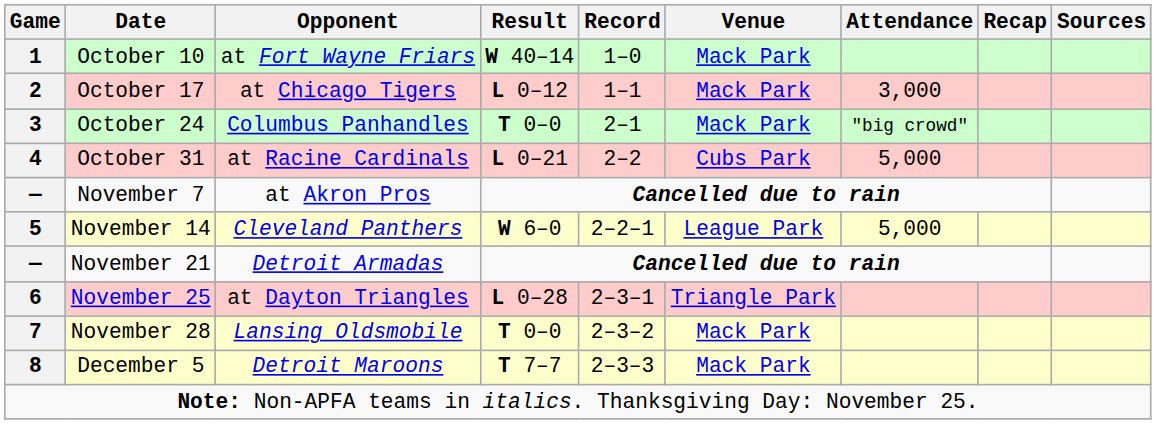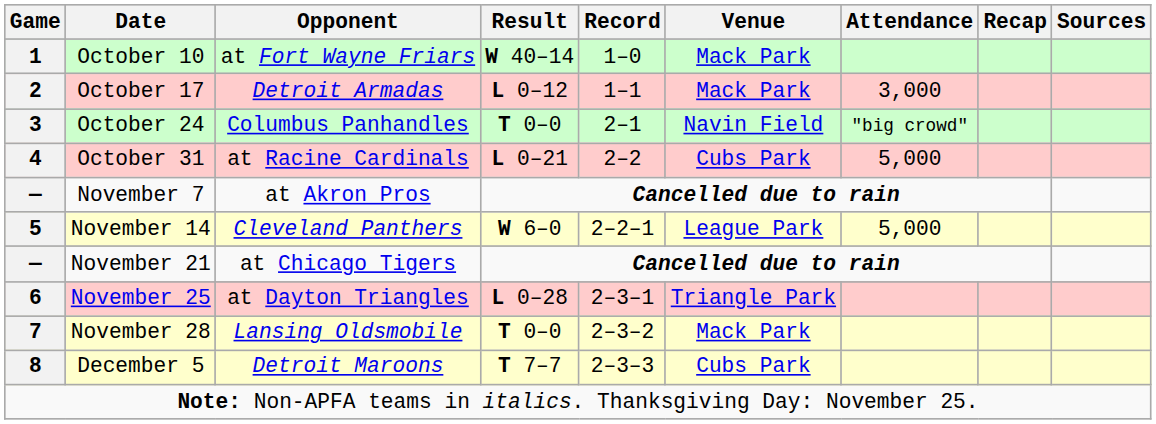 <table class="wikitable" style="text-align:center">
 <tr>
 <th>Game</th>
 <th>Date</th>
 <th>Opponent</th>
 <th>Result</th>
 <th>Record</th>
 <th>Venue</th>
 <th>Attendance</th>
 <th>Recap</th>
 <th>Sources</th>
 </tr>
 <tr style="background:#cfc">
 <th>1</th>
 <td>October 10</td>
 <td>at <em><a href='#'>Fort Wayne Friars</a></em></td>
 <td><strong>W</strong> 40–14</td>
 <td>1–0</td>
 <td><a href='#'>Mack Park</a></td>
 <td></td>
 <td></td>
 <td></td>
 </tr>
 <tr style="background:#fcc">
 <th>2</th>
 <td>October 17</td>
-<td>at <a href='#'>Chicago Tigers</a></td>
+<td><em><a href='#'>Detroit Armadas</a></em></td>
 <td><strong>L</strong> 0–12</td>
 <td>1–1</td>
 <td><a href='#'>Mack Park</a></td>
 <td>3,000</td>
 <td></td>
 <td></td>
 </tr>
 <tr style="background:#cfc">
 <th>3</th>
 <td>October 24</td>
 <td><a href='#'>Columbus Panhandles</a></td>
 <td><strong>T</strong> 0–0</td>
 <td>2–1</td>
-<td><a href='#'>Mack Park</a></td>
+<td><a href='#'>Navin Field</a></td>
 <td><small>"big crowd"</small></td>
 <td></td>
 <td></td>
 </tr>
 <tr style="background:#fcc">
 <th>4</th>
 <td>October 31</td>
 <td>at <a href='#'>Racine Cardinals</a></td>
 <td><strong>L</strong> 0–21</td>
 <td>2–2</td>
 <td><a href='#'>Cubs Park</a></td>
 <td>5,000</td>
 <td></td>
 <td></td>
 </tr>
 <tr>
 <th>—</th>
 <td>November 7</td>
 <td>at <a href='#'>Akron Pros</a></td>
 <td colspan="5"><strong><em>Cancelled due to rain</em></strong></td>
 <td></td>
 </tr>
 <tr style="background:#ffc">
 <th>5</th>
 <td>November 14</td>
 <td><em><a href='#'>Cleveland Panthers</a></em></td>
 <td><strong>W</strong> 6–0</td>
 <td>2–2–1</td>
 <td><a href='#'>League Park</a></td>
 <td>5,000</td>
 <td></td>
 <td></td>
 </tr>
 <tr>
 <th>—</th>
 <td>November 21</td>
-<td><em><a href='#'>Detroit Armadas</a></em></td>
+<td>at <a href='#'>Chicago Tigers</a></td>
 <td colspan="5"><strong><em>Cancelled due to rain</em></strong></td>
 <td></td>
 </tr>
 <tr style="background:#fcc">
 <th>6</th>
 <td><a href='#'>November 25</a></td>
 <td>at <a href='#'>Dayton Triangles</a></td>
 <td><strong>L</strong> 0–28</td>
 <td>2–3–1</td>
 <td><a href='#'>Triangle Park</a></td>
 <td></td>
 <td></td>
 <td></td>
 </tr>
 <tr style="background:#ffc">
 <th>7</th>
 <td>November 28</td>
 <td><em><a href='#'>Lansing Oldsmobile</a></em></td>
 <td><strong>T</strong> 0–0</td>
 <td>2–3–2</td>
 <td><a href='#'>Mack Park</a></td>
 <td></td>
 <td></td>
 <td></td>
 </tr>
 <tr style="background:#ffc">
 <th>8</th>
 <td>December 5</td>
 <td><em><a href='#'>Detroit Maroons</a></em></td>
 <td><strong>T</strong> 7–7</td>
 <td>2–3–3</td>
-<td><a href='#'>Mack Park</a></td>
+<td><a href='#'>Cubs Park</a></td>
 <td></td>
 <td></td>
 <td></td>
 </tr>
 <tr>
 <td colspan="10"><strong>Note:</strong> Non-APFA teams in <em>italics</em>. Thanksgiving Day: November 25.</td>
 </tr>
 </table>
